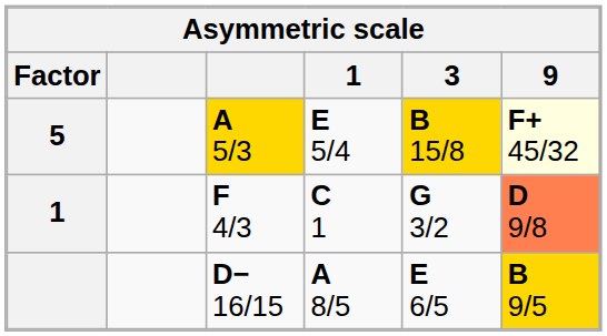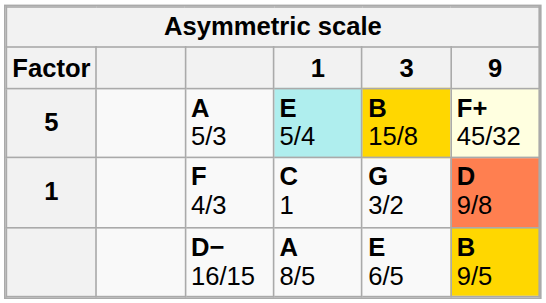 <table class="wikitable" style="text-align: left; display: inline-block;">
 <tr>
 <th colspan=7>Asymmetric scale</th>
 </tr>
 <tr>
 <th>Factor</th>
 <th style="width: 3em"></th>
 <th style="width: 3em"></th>
 <th style="width: 3em">1</th>
 <th style="width: 3em">3</th>
 <th style="width: 3em">9</th>
 </tr>
 <tr>
 <th>5</th>
 <td></td>
-<td style="background: gold;"><strong>A</strong> <br> 5/3</td>
-<td><strong>E</strong> <br> 5/4</td>
+<td><strong>A</strong> <br> 5/3</td>
+<td style="background: paleturquoise;"><strong>E</strong> <br> 5/4</td>
 <td style="background: gold;"><strong>B</strong> <br> 15/8</td>
 <td style="background-color: #ffffe0"><strong>F+</strong> <br> 45/32</td>
 </tr>
 <tr>
 <th>1</th>
 <td></td>
 <td><strong>F</strong> <br> 4/3</td>
 <td><strong>C</strong> <br> 1</td>
 <td><strong>G</strong> <br> 3/2</td>
 <td style="background-color: #FF7F50"><strong>D</strong> <br> 9/8</td>
 </tr>
 <tr>
 <th></th>
 <td></td>
 <td><strong>D−</strong> <br> 16/15</td>
 <td><strong>A</strong> <br> 8/5</td>
 <td><strong>E</strong> <br> 6/5</td>
 <td style="background-color: #FFD700"><strong>B</strong> <br> 9/5</td>
 </tr>
 </table>
